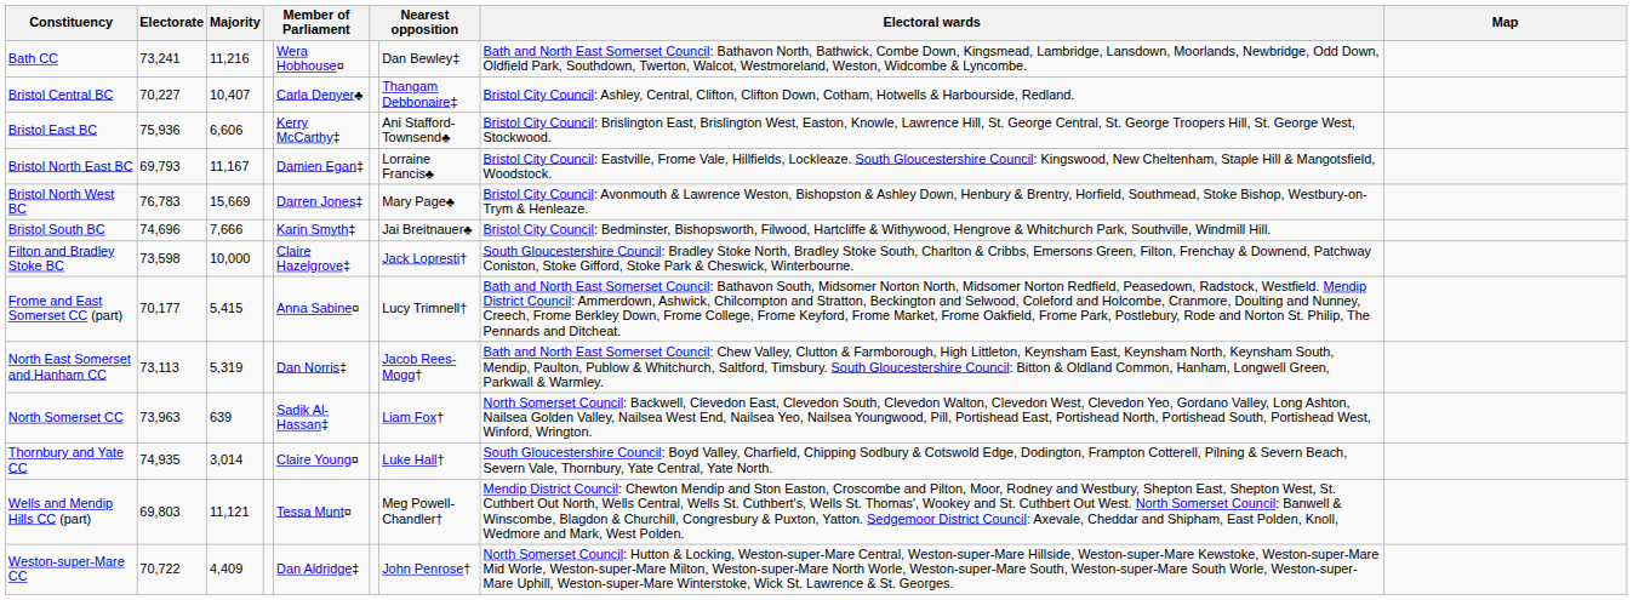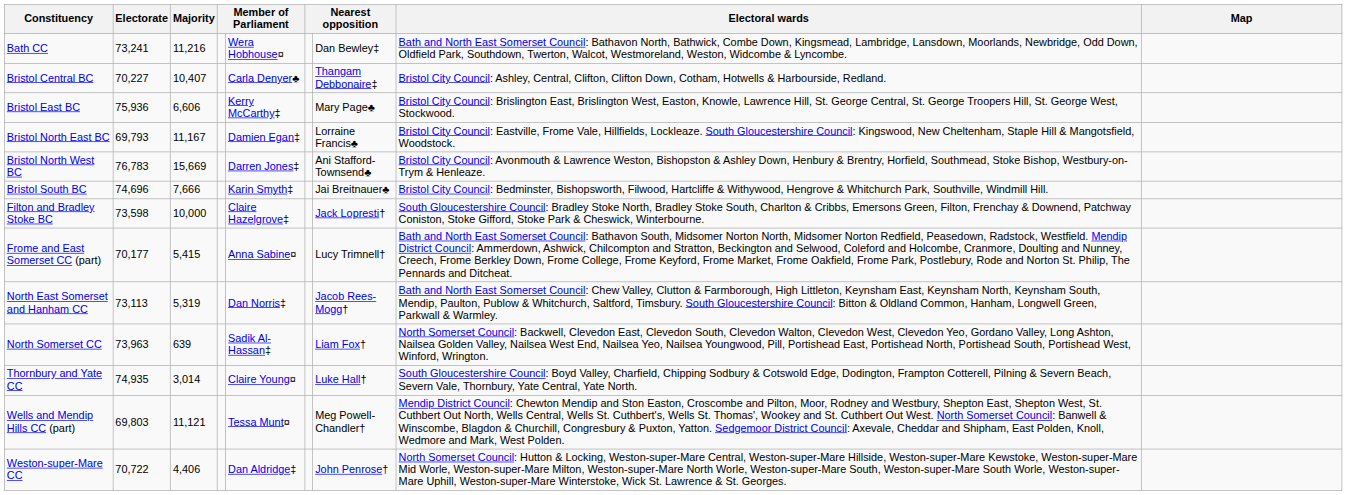 <table class="wikitable sortable">
 <tr>
 <th rowspan=1>Constituency</th>
 <th rowspan=1>Electorate</th>
 <th rowspan=1>Majority</th>
 <th colspan=2 class=unsortable>Member of Parliament</th>
 <th colspan=2 class=unsortable>Nearest opposition</th>
 <th rowspan=1 class=unsortable>Electoral wards</th>
 <th rowspan=1 class="unsortable" style="width:15%;">Map</th>
 </tr>
 <tr>
 <td><a href='#'>Bath CC</a></td>
 <td>73,241</td>
 <td>11,216</td>
 <td style="color:inherit;background:"> </td>
 <td><a href='#'>Wera Hobhouse</a>¤</td>
 <td style="color:inherit;background:"> </td>
 <td>Dan Bewley‡</td>
 <td><a href='#'>Bath and North East Somerset Council</a>: Bathavon North, Bathwick, Combe Down, Kingsmead, Lambridge, Lansdown, Moorlands, Newbridge, Odd Down, Oldfield Park, Southdown, Twerton, Walcot, Westmoreland, Weston, Widcombe & Lyncombe.</td>
 <td></td>
 </tr>
 <tr>
 <td><a href='#'>Bristol Central BC</a></td>
 <td>70,227</td>
 <td>10,407</td>
 <td style="color:inherit;background:"></td>
 <td><a href='#'>Carla Denyer</a>♣</td>
 <td style="color:inherit;background:"></td>
 <td><a href='#'>Thangam Debbonaire</a>‡</td>
 <td><a href='#'>Bristol City Council</a>: Ashley, Central, Clifton, Clifton Down, Cotham, Hotwells & Harbourside, Redland.</td>
 <td></td>
 </tr>
 <tr>
 <td><a href='#'>Bristol East BC</a></td>
 <td>75,936</td>
 <td>6,606</td>
 <td style="color:inherit;background:"></td>
 <td><a href='#'>Kerry McCarthy</a>‡</td>
 <td style="color:inherit;background:"></td>
-<td>Ani Stafford-Townsend♣</td>
+<td>Mary Page♣</td>
 <td><a href='#'>Bristol City Council</a>: Brislington East, Brislington West, Easton, Knowle, Lawrence Hill, St. George Central, St. George Troopers Hill, St. George West, Stockwood.</td>
 <td></td>
 </tr>
 <tr>
 <td><a href='#'>Bristol North East BC</a></td>
 <td>69,793</td>
 <td>11,167</td>
 <td style="color:inherit;background:"></td>
 <td><a href='#'>Damien Egan</a>‡</td>
 <td style="color:inherit;background:"></td>
 <td>Lorraine Francis♣</td>
 <td><a href='#'>Bristol City Council</a>: Eastville, Frome Vale, Hillfields, Lockleaze. <a href='#'>South Gloucestershire Council</a>: Kingswood, New Cheltenham, Staple Hill & Mangotsfield, Woodstock.</td>
 <td></td>
 </tr>
 <tr>
 <td><a href='#'>Bristol North West BC</a></td>
 <td>76,783</td>
 <td>15,669</td>
 <td style="color:inherit;background:"></td>
 <td><a href='#'>Darren Jones</a>‡</td>
 <td style="color:inherit;background:"></td>
-<td>Mary Page♣</td>
+<td>Ani Stafford-Townsend♣</td>
 <td><a href='#'>Bristol City Council</a>: Avonmouth & Lawrence Weston, Bishopston & Ashley Down, Henbury & Brentry, Horfield, Southmead, Stoke Bishop, Westbury-on-Trym & Henleaze.</td>
 <td></td>
 </tr>
 <tr>
 <td><a href='#'>Bristol South BC</a></td>
 <td>74,696</td>
 <td>7,666</td>
 <td style="color:inherit;background:"></td>
 <td><a href='#'>Karin Smyth</a>‡</td>
 <td style="color:inherit;background:"></td>
 <td>Jai Breitnauer♣</td>
 <td><a href='#'>Bristol City Council</a>: Bedminster, Bishopsworth, Filwood, Hartcliffe & Withywood, Hengrove & Whitchurch Park, Southville, Windmill Hill.</td>
 <td></td>
 </tr>
 <tr>
 <td><a href='#'>Filton and Bradley Stoke BC</a></td>
 <td>73,598</td>
 <td>10,000</td>
 <td style="color:inherit;background:"></td>
 <td><a href='#'>Claire Hazelgrove</a>‡</td>
 <td style="color:inherit;background:"></td>
 <td><a href='#'>Jack Lopresti</a>†</td>
 <td><a href='#'>South Gloucestershire Council</a>: Bradley Stoke North, Bradley Stoke South, Charlton & Cribbs, Emersons Green, Filton, Frenchay & Downend, Patchway Coniston, Stoke Gifford, Stoke Park & Cheswick, Winterbourne.</td>
 <td></td>
 </tr>
 <tr>
 <td><a href='#'>Frome and East Somerset CC</a> (part)</td>
 <td>70,177</td>
 <td>5,415</td>
 <td style="color:inherit;background:"></td>
 <td><a href='#'>Anna Sabine</a>¤</td>
 <td style="color:inherit;background:"></td>
 <td>Lucy Trimnell†</td>
 <td><a href='#'>Bath and North East Somerset Council</a>: Bathavon South, Midsomer Norton North, Midsomer Norton Redfield, Peasedown, Radstock, Westfield. <a href='#'>Mendip District Council</a>: Ammerdown, Ashwick, Chilcompton and Stratton, Beckington and Selwood, Coleford and Holcombe, Cranmore, Doulting and Nunney, Creech, Frome Berkley Down, Frome College, Frome Keyford, Frome Market, Frome Oakfield, Frome Park, Postlebury, Rode and Norton St. Philip, The Pennards and Ditcheat.</td>
 <td></td>
 </tr>
 <tr>
 <td><a href='#'>North East Somerset and Hanham CC</a></td>
 <td>73,113</td>
 <td>5,319</td>
 <td style="color:inherit;background:"></td>
 <td><a href='#'>Dan Norris</a>‡</td>
 <td style="color:inherit;background:"></td>
 <td><a href='#'>Jacob Rees-Mogg</a>†</td>
 <td><a href='#'>Bath and North East Somerset Council</a>: Chew Valley, Clutton & Farmborough, High Littleton, Keynsham East, Keynsham North, Keynsham South, Mendip, Paulton, Publow & Whitchurch, Saltford, Timsbury. <a href='#'>South Gloucestershire Council</a>: Bitton & Oldland Common, Hanham, Longwell Green, Parkwall & Warmley.</td>
 <td></td>
 </tr>
 <tr>
 <td><a href='#'>North Somerset CC</a></td>
 <td>73,963</td>
 <td>639</td>
 <td style="color:inherit;background:"></td>
 <td><a href='#'>Sadik Al-Hassan</a>‡</td>
 <td style="color:inherit;background:"></td>
 <td><a href='#'>Liam Fox</a>†</td>
 <td><a href='#'>North Somerset Council</a>: Backwell, Clevedon East, Clevedon South, Clevedon Walton, Clevedon West, Clevedon Yeo, Gordano Valley, Long Ashton, Nailsea Golden Valley, Nailsea West End, Nailsea Yeo, Nailsea Youngwood, Pill, Portishead East, Portishead North, Portishead South, Portishead West, Winford, Wrington.</td>
 <td></td>
 </tr>
 <tr>
 <td><a href='#'>Thornbury and Yate CC</a></td>
 <td>74,935</td>
 <td>3,014</td>
 <td style="color:inherit;background:"></td>
 <td><a href='#'>Claire Young</a>¤</td>
 <td style="color:inherit;background:"></td>
 <td><a href='#'>Luke Hall</a>†</td>
 <td><a href='#'>South Gloucestershire Council</a>: Boyd Valley, Charfield, Chipping Sodbury & Cotswold Edge, Dodington, Frampton Cotterell, Pilning & Severn Beach, Severn Vale, Thornbury, Yate Central, Yate North.</td>
 <td></td>
 </tr>
 <tr>
 <td><a href='#'>Wells and Mendip Hills CC</a> (part)</td>
 <td>69,803</td>
 <td>11,121</td>
 <td style="color:inherit;background:"></td>
 <td><a href='#'>Tessa Munt</a>¤</td>
 <td style="color:inherit;background:"></td>
 <td>Meg Powell-Chandler†</td>
 <td><a href='#'>Mendip District Council</a>: Chewton Mendip and Ston Easton, Croscombe and Pilton, Moor, Rodney and Westbury, Shepton East, Shepton West, St. Cuthbert Out North, Wells Central, Wells St. Cuthbert's, Wells St. Thomas', Wookey and St. Cuthbert Out West. <a href='#'>North Somerset Council</a>: Banwell & Winscombe, Blagdon & Churchill, Congresbury & Puxton, Yatton. <a href='#'>Sedgemoor District Council</a>: Axevale, Cheddar and Shipham, East Polden, Knoll, Wedmore and Mark, West Polden.</td>
 <td></td>
 </tr>
 <tr>
 <td><a href='#'>Weston-super-Mare CC</a></td>
 <td>70,722</td>
-<td>4,409</td>
+<td>4,406</td>
 <td style="color:inherit;background:"></td>
 <td><a href='#'>Dan Aldridge</a>‡</td>
 <td style="color:inherit;background:"></td>
 <td><a href='#'>John Penrose</a>†</td>
 <td><a href='#'>North Somerset Council</a>: Hutton & Locking, Weston-super-Mare Central, Weston-super-Mare Hillside, Weston-super-Mare Kewstoke, Weston-super-Mare Mid Worle, Weston-super-Mare Milton, Weston-super-Mare North Worle, Weston-super-Mare South, Weston-super-Mare South Worle, Weston-super-Mare Uphill, Weston-super-Mare Winterstoke, Wick St. Lawrence & St. Georges.</td>
 <td></td>
 </tr>
 </table>
